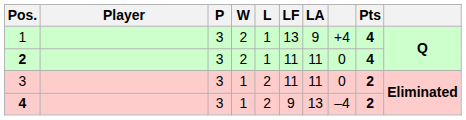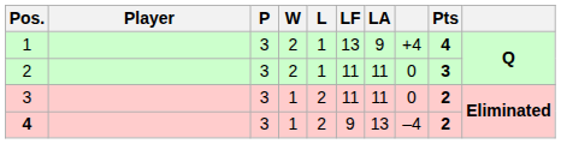 <table class="wikitable" style="text-align:center; margin: 1em auto 1em auto, align:left">
 <tr>
 <th width=20>Pos.</th>
 <th width=185>Player</th>
 <th width=20>P</th>
 <th width=20>W</th>
 <th width=20>L</th>
 <th width=20>LF</th>
 <th width=20>LA</th>
 <th width=25></th>
 <th width=20>Pts</th>
 <th width=70></th>
 </tr>
 <tr style="background:#CCFFCC;">
 <td>1</td>
 <td style="text-align:left"></td>
 <td>3</td>
 <td>2</td>
 <td>1</td>
 <td>13</td>
 <td>9</td>
 <td>+4</td>
 <td><strong>4</strong></td>
 <td rowspan=2><strong>Q</strong></td>
 </tr>
 <tr style="background:#CCFFCC;">
-<td><strong>2</strong></td>
+<td>2</td>
 <td style="text-align:left"></td>
 <td>3</td>
 <td>2</td>
 <td>1</td>
 <td>11</td>
 <td>11</td>
 <td>0</td>
-<td><strong>4</strong></td>
+<td><strong>3</strong></td>
 </tr>
 <tr style="background:#FFccCC;">
 <td>3</td>
 <td style="text-align:left"></td>
 <td>3</td>
 <td>1</td>
 <td>2</td>
 <td>11</td>
 <td>11</td>
 <td>0</td>
 <td><strong>2</strong></td>
 <td rowspan=2><strong>Eliminated</strong></td>
 </tr>
 <tr style="background:#FFccCC;">
 <td><strong>4</strong></td>
 <td style="text-align:left"></td>
 <td>3</td>
 <td>1</td>
 <td>2</td>
 <td>9</td>
 <td>13</td>
 <td>–4</td>
 <td><strong>2</strong></td>
 </tr>
 </table>
